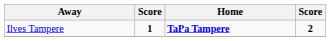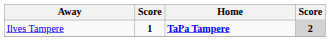 <table class="wikitable">
 <tr>
 <th width="200">Away</th>
 <th width="40">Score</th>
 <th width="200">Home</th>
 <th width="40">Score</th>
 </tr>
 <tr>
 <td><a href='#'>Ilves Tampere</a></td>
 <td align=center><strong>1</strong></td>
 <td><strong><a href='#'>TaPa Tampere</a></strong></td>
-<td align=center><strong>2</strong></td>
+<td align=center style="background: lightgrey;"><strong>2</strong></td>
 </tr>
 <tr>
 </tr>
 </table>
